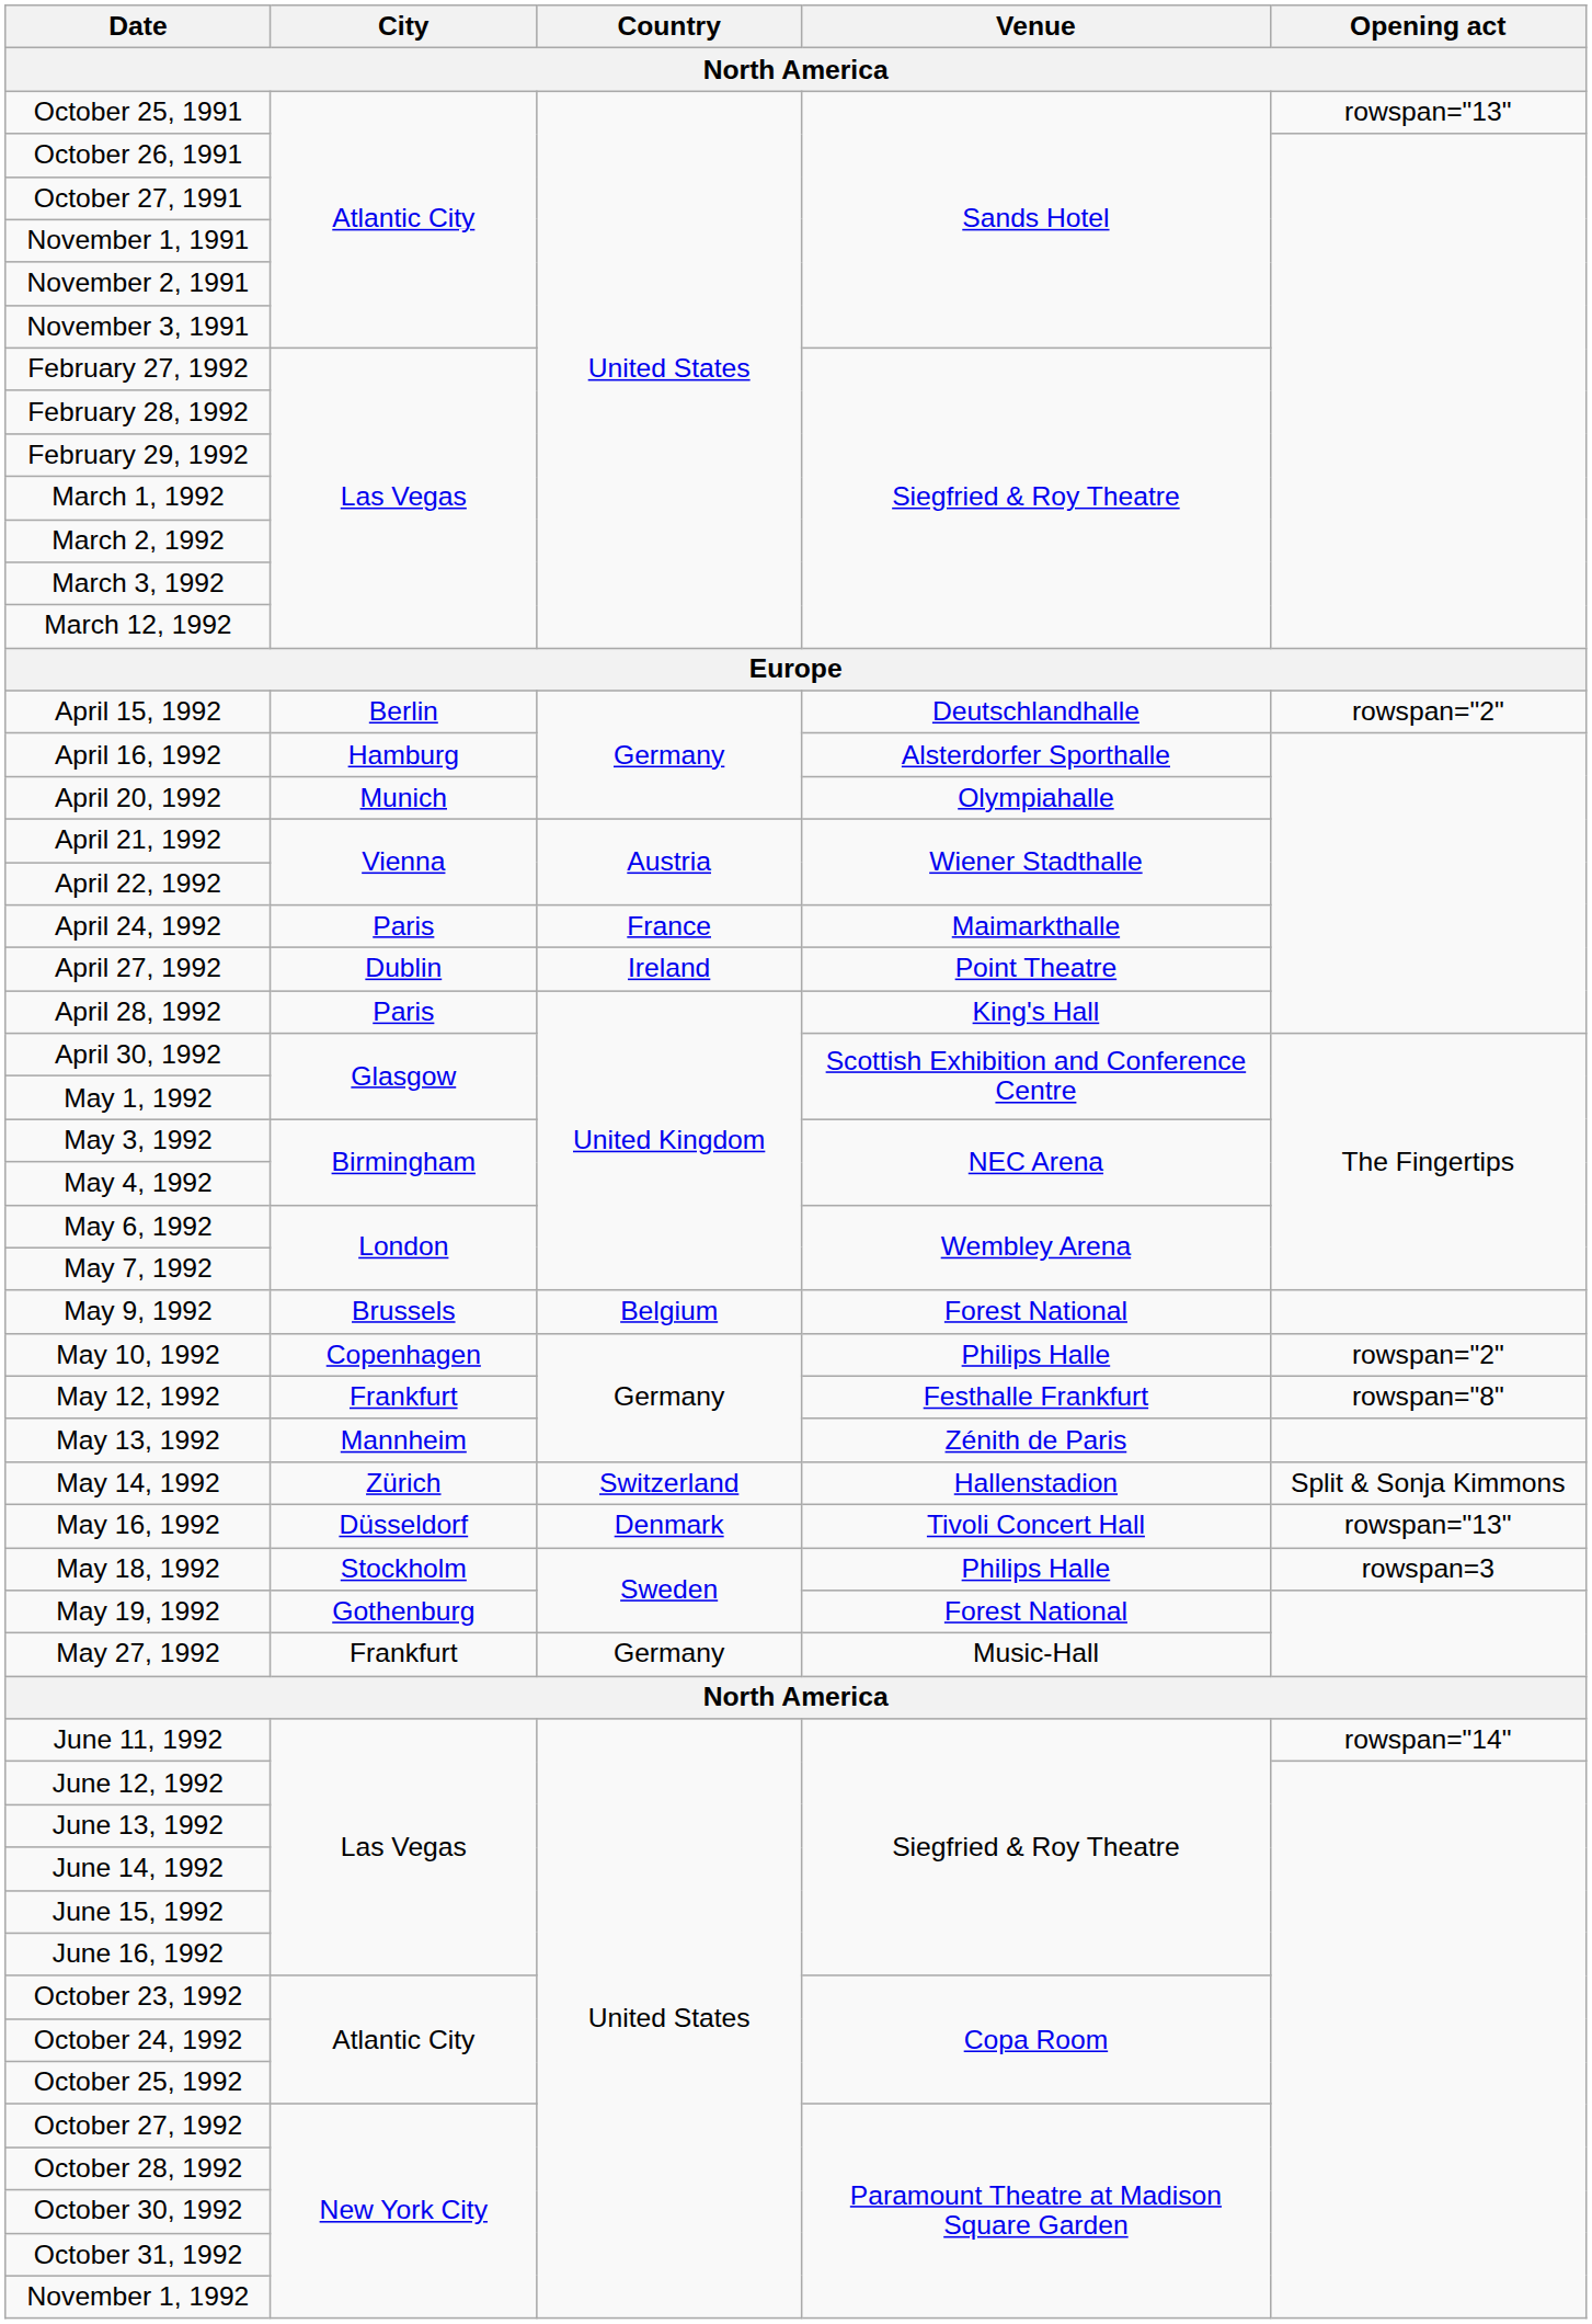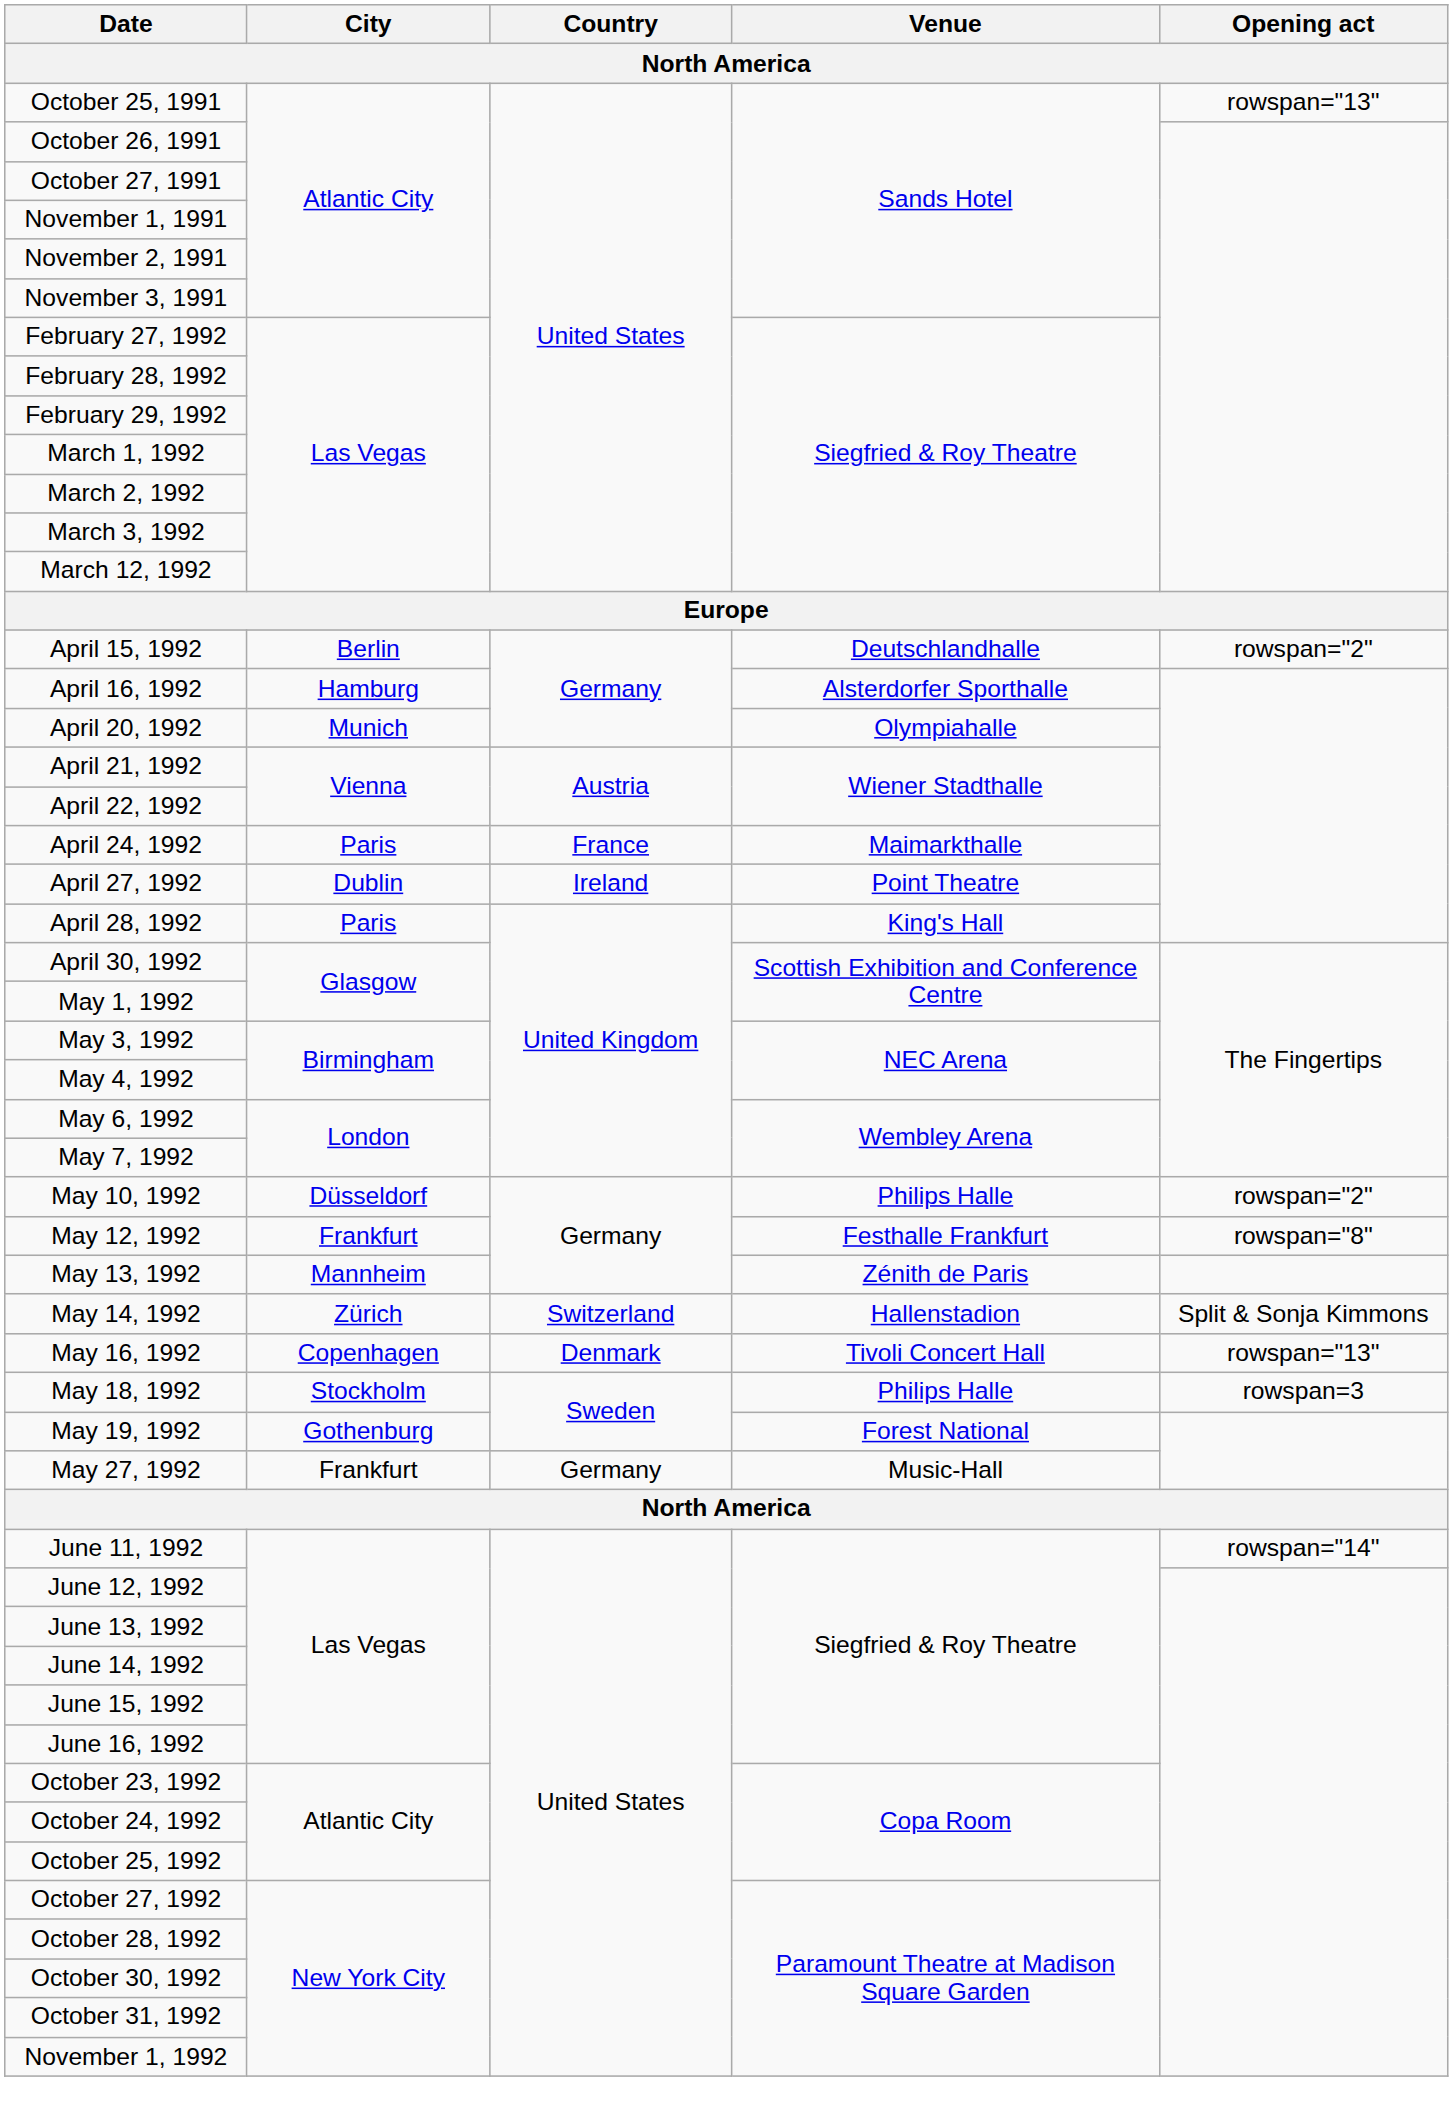 <table class="wikitable" style="text-align:center;">
 <tr>
 <th width="150">Date</th>
 <th width="150">City</th>
 <th width="150">Country</th>
 <th width="270">Venue</th>
 <th style="width:180px;">Opening act</th>
 </tr>
 <tr bgcolor="#DDDDDD">
 <th colspan="5"><strong>North America</strong></th>
 </tr>
 <tr>
 <td>October 25, 1991</td>
 <td rowspan="6"><a href='#'>Atlantic City</a></td>
 <td rowspan="13"><a href='#'>United States</a></td>
 <td rowspan="6"><a href='#'>Sands Hotel</a></td>
 <td>rowspan="13" </td>
 </tr>
 <tr>
 <td>October 26, 1991</td>
 </tr>
 <tr>
 <td>October 27, 1991</td>
 </tr>
 <tr>
 <td>November 1, 1991</td>
 </tr>
 <tr>
 <td>November 2, 1991</td>
 </tr>
 <tr>
 <td>November 3, 1991</td>
 </tr>
 <tr>
 <td>February 27, 1992</td>
 <td rowspan="7"><a href='#'>Las Vegas</a></td>
 <td rowspan="7"><a href='#'>Siegfried & Roy Theatre</a></td>
 </tr>
 <tr>
 <td>February 28, 1992</td>
 </tr>
 <tr>
 <td>February 29, 1992</td>
 </tr>
 <tr>
 <td>March 1, 1992</td>
 </tr>
 <tr>
 <td>March 2, 1992</td>
 </tr>
 <tr>
 <td>March 3, 1992</td>
 </tr>
 <tr>
 <td>March 12, 1992</td>
 </tr>
 <tr>
 <th colspan="5">Europe</th>
 </tr>
 <tr>
 <td>April 15, 1992</td>
 <td><a href='#'>Berlin</a></td>
 <td rowspan="3"><a href='#'>Germany</a></td>
 <td><a href='#'>Deutschlandhalle</a></td>
 <td>rowspan="2" </td>
 </tr>
 <tr>
 <td>April 16, 1992</td>
 <td><a href='#'>Hamburg</a></td>
 <td><a href='#'>Alsterdorfer Sporthalle</a></td>
 </tr>
 <tr>
 <td>April 20, 1992</td>
 <td><a href='#'>Munich</a></td>
 <td><a href='#'>Olympiahalle</a></td>
 </tr>
 <tr>
 <td>April 21, 1992</td>
 <td rowspan="2"><a href='#'>Vienna</a></td>
 <td rowspan="2"><a href='#'>Austria</a></td>
 <td rowspan="2"><a href='#'>Wiener Stadthalle</a></td>
 </tr>
 <tr>
 <td>April 22, 1992</td>
 </tr>
 <tr>
 <td>April 24, 1992</td>
 <td><a href='#'>Paris</a></td>
 <td><a href='#'>France</a></td>
 <td><a href='#'>Maimarkthalle</a></td>
 </tr>
 <tr>
 <td>April 27, 1992</td>
 <td><a href='#'>Dublin</a></td>
 <td><a href='#'>Ireland</a></td>
 <td><a href='#'>Point Theatre</a></td>
 </tr>
 <tr>
 <td>April 28, 1992</td>
 <td><a href='#'>Paris</a></td>
 <td rowspan="7"><a href='#'>United Kingdom</a></td>
 <td><a href='#'>King's Hall</a></td>
 </tr>
 <tr>
 <td>April 30, 1992</td>
 <td rowspan="2"><a href='#'>Glasgow</a></td>
 <td rowspan="2"><a href='#'>Scottish Exhibition and Conference Centre</a></td>
 <td rowspan="6">The Fingertips</td>
 </tr>
 <tr>
 <td>May 1, 1992</td>
 </tr>
 <tr>
 <td>May 3, 1992</td>
 <td rowspan="2"><a href='#'>Birmingham</a></td>
 <td rowspan="2"><a href='#'>NEC Arena</a></td>
 </tr>
 <tr>
 <td>May 4, 1992</td>
 </tr>
 <tr>
 <td>May 6, 1992</td>
 <td rowspan="2"><a href='#'>London</a></td>
 <td rowspan="2"><a href='#'>Wembley Arena</a></td>
 </tr>
 <tr>
 <td>May 7, 1992</td>
 </tr>
 <tr>
-<td>May 9, 1992</td>
-<td><a href='#'>Brussels</a></td>
-<td><a href='#'>Belgium</a></td>
-<td><a href='#'>Forest National</a></td>
-<td></td>
-</tr>
-<tr>
 <td>May 10, 1992</td>
-<td><a href='#'>Copenhagen</a></td>
+<td><a href='#'>Düsseldorf</a></td>
 <td rowspan="3">Germany</td>
 <td><a href='#'>Philips Halle</a></td>
 <td>rowspan="2" </td>
 </tr>
 <tr>
 <td>May 12, 1992</td>
 <td><a href='#'>Frankfurt</a></td>
 <td><a href='#'>Festhalle Frankfurt</a></td>
 <td>rowspan="8" </td>
 </tr>
 <tr>
 <td>May 13, 1992</td>
 <td><a href='#'>Mannheim</a></td>
 <td><a href='#'>Zénith de Paris</a></td>
 </tr>
 <tr>
 <td>May 14, 1992</td>
 <td><a href='#'>Zürich</a></td>
 <td><a href='#'>Switzerland</a></td>
 <td><a href='#'>Hallenstadion</a></td>
 <td>Split & Sonja Kimmons</td>
 </tr>
 <tr>
 <td>May 16, 1992</td>
-<td><a href='#'>Düsseldorf</a></td>
+<td><a href='#'>Copenhagen</a></td>
 <td><a href='#'>Denmark</a></td>
 <td><a href='#'>Tivoli Concert Hall</a></td>
 <td>rowspan="13" </td>
 </tr>
 <tr>
 <td>May 18, 1992</td>
 <td><a href='#'>Stockholm</a></td>
 <td rowspan="2"><a href='#'>Sweden</a></td>
 <td><a href='#'>Philips Halle</a></td>
 <td>rowspan=3 </td>
 </tr>
 <tr>
 <td>May 19, 1992</td>
 <td><a href='#'>Gothenburg</a></td>
 <td><a href='#'>Forest National</a></td>
 </tr>
 <tr>
 <td>May 27, 1992</td>
 <td>Frankfurt</td>
 <td>Germany</td>
 <td>Music-Hall</td>
 </tr>
 <tr>
 <th colspan="5">North America</th>
 </tr>
 <tr>
 <td>June 11, 1992</td>
 <td rowspan="6">Las Vegas</td>
 <td rowspan="14">United States</td>
 <td rowspan="6">Siegfried & Roy Theatre</td>
 <td>rowspan="14" </td>
 </tr>
 <tr>
 <td>June 12, 1992</td>
 </tr>
 <tr>
 <td>June 13, 1992</td>
 </tr>
 <tr>
 <td>June 14, 1992</td>
 </tr>
 <tr>
 <td>June 15, 1992</td>
 </tr>
 <tr>
 <td>June 16, 1992</td>
 </tr>
 <tr>
 <td>October 23, 1992</td>
 <td rowspan="3">Atlantic City</td>
 <td rowspan="3"><a href='#'>Copa Room</a></td>
 </tr>
 <tr>
 <td>October 24, 1992</td>
 </tr>
 <tr>
 <td>October 25, 1992</td>
 </tr>
 <tr>
 <td>October 27, 1992</td>
 <td rowspan="5"><a href='#'>New York City</a></td>
 <td rowspan="5"><a href='#'>Paramount Theatre at Madison Square Garden</a></td>
 </tr>
 <tr>
 <td>October 28, 1992</td>
 </tr>
 <tr>
 <td>October 30, 1992</td>
 </tr>
 <tr>
 <td>October 31, 1992</td>
 </tr>
 <tr>
 <td>November 1, 1992</td>
 </tr>
 </table>
